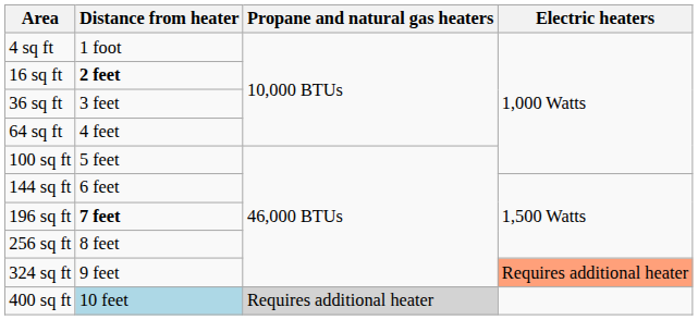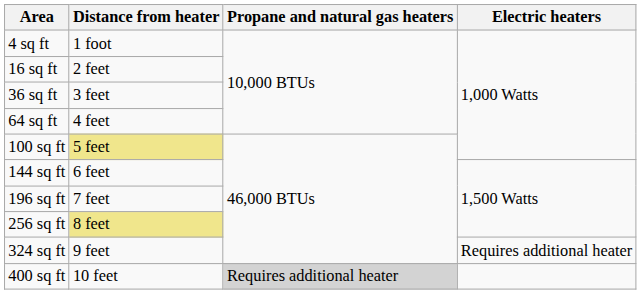 <table class="wikitable">
 <tr>
 <th>Area</th>
 <th>Distance from heater</th>
 <th>Propane and natural gas heaters</th>
 <th>Electric heaters</th>
 </tr>
 <tr>
 <td>4 sq ft</td>
 <td>1 foot</td>
 <td rowspan="4">10,000 BTUs</td>
 <td rowspan="5">1,000 Watts</td>
 </tr>
 <tr>
 <td>16 sq ft</td>
-<td><strong>2 feet</strong></td>
+<td>2 feet</td>
 </tr>
 <tr>
 <td>36 sq ft</td>
 <td>3 feet</td>
 </tr>
 <tr>
 <td>64 sq ft</td>
 <td>4 feet</td>
 </tr>
 <tr>
 <td>100 sq ft</td>
-<td>5 feet</td>
+<td style="background: khaki;">5 feet</td>
 <td rowspan="5">46,000 BTUs</td>
 </tr>
 <tr>
 <td>144 sq ft</td>
 <td>6 feet</td>
 <td rowspan="3">1,500 Watts</td>
 </tr>
 <tr>
 <td>196 sq ft</td>
-<td><strong>7 feet</strong></td>
+<td>7 feet</td>
 </tr>
 <tr>
 <td>256 sq ft</td>
-<td>8 feet</td>
+<td style="background: khaki;">8 feet</td>
 </tr>
 <tr>
 <td>324 sq ft</td>
 <td>9 feet</td>
-<td style="background: lightsalmon;">Requires additional heater</td>
+<td>Requires additional heater</td>
 </tr>
 <tr>
 <td>400 sq ft</td>
-<td style="background: lightblue;">10 feet</td>
+<td>10 feet</td>
 <td style="background: lightgrey;">Requires additional heater</td>
 <td></td>
 </tr>
 </table>
